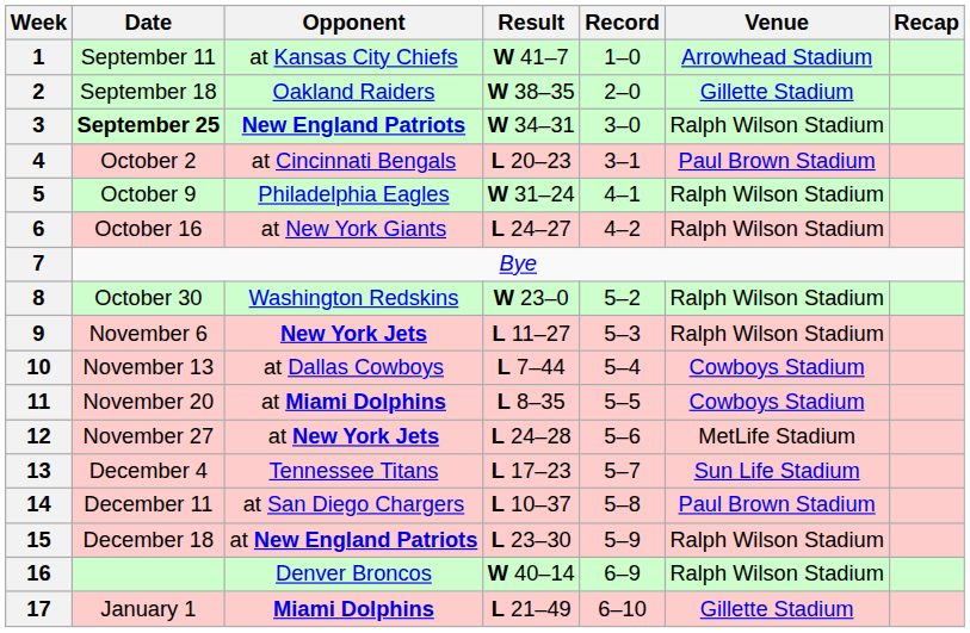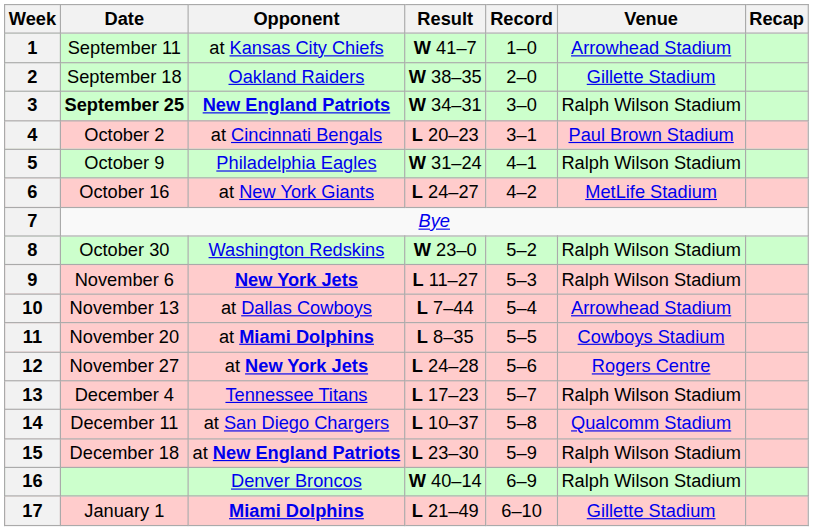 <table class="wikitable" style="text-align:center">
 <tr>
 <th>Week</th>
 <th>Date</th>
 <th>Opponent</th>
 <th>Result</th>
 <th>Record</th>
 <th>Venue</th>
 <th>Recap</th>
 </tr>
 <tr style="background:#cfc">
 <th>1</th>
 <td>September 11</td>
 <td>at <a href='#'>Kansas City Chiefs</a></td>
 <td><strong>W</strong> 41–7</td>
 <td>1–0</td>
 <td><a href='#'>Arrowhead Stadium</a></td>
 <td></td>
 </tr>
 <tr style="background:#cfc">
 <th>2</th>
 <td>September 18</td>
 <td><a href='#'>Oakland Raiders</a></td>
 <td><strong>W</strong> 38–35</td>
 <td>2–0</td>
 <td><a href='#'>Gillette Stadium</a></td>
 <td></td>
 </tr>
 <tr style="background:#cfc">
 <th>3</th>
 <td><strong>September 25</strong></td>
 <td><strong><a href='#'>New England Patriots</a></strong></td>
 <td><strong>W</strong> 34–31</td>
 <td>3–0</td>
 <td>Ralph Wilson Stadium</td>
 <td></td>
 </tr>
 <tr style="background:#fcc">
 <th>4</th>
 <td>October 2</td>
 <td>at <a href='#'>Cincinnati Bengals</a></td>
 <td><strong>L</strong> 20–23</td>
 <td>3–1</td>
 <td><a href='#'>Paul Brown Stadium</a></td>
 <td></td>
 </tr>
 <tr style="background:#cfc">
 <th>5</th>
 <td>October 9</td>
 <td><a href='#'>Philadelphia Eagles</a></td>
 <td><strong>W</strong> 31–24</td>
 <td>4–1</td>
 <td>Ralph Wilson Stadium</td>
 <td></td>
 </tr>
 <tr style="background:#fcc">
 <th>6</th>
 <td>October 16</td>
 <td>at <a href='#'>New York Giants</a></td>
 <td><strong>L</strong> 24–27</td>
 <td>4–2</td>
-<td>Ralph Wilson Stadium</td>
+<td><a href='#'>MetLife Stadium</a></td>
 <td></td>
 </tr>
 <tr>
 <th>7</th>
 <td colspan="6"><em><a href='#'>Bye</a></em></td>
 </tr>
 <tr style="background:#cfc">
 <th>8</th>
 <td>October 30</td>
 <td><a href='#'>Washington Redskins</a></td>
 <td><strong>W</strong> 23–0</td>
 <td>5–2</td>
 <td>Ralph Wilson Stadium</td>
 <td></td>
 </tr>
 <tr style="background:#fcc">
 <th>9</th>
 <td>November 6</td>
 <td><strong><a href='#'>New York Jets</a></strong></td>
 <td><strong>L</strong> 11–27</td>
 <td>5–3</td>
 <td>Ralph Wilson Stadium</td>
 <td></td>
 </tr>
 <tr style="background:#fcc">
 <th>10</th>
 <td>November 13</td>
 <td>at <a href='#'>Dallas Cowboys</a></td>
 <td><strong>L</strong>  7–44</td>
 <td>5–4</td>
-<td><a href='#'>Cowboys Stadium</a></td>
+<td><a href='#'>Arrowhead Stadium</a></td>
 <td></td>
 </tr>
 <tr style="background:#fcc">
 <th>11</th>
 <td>November 20</td>
 <td>at <strong><a href='#'>Miami Dolphins</a></strong></td>
 <td><strong>L</strong> 8–35</td>
 <td>5–5</td>
 <td><a href='#'>Cowboys Stadium</a></td>
 <td></td>
 </tr>
 <tr style="background:#fcc">
 <th>12</th>
 <td>November 27</td>
 <td>at <strong><a href='#'>New York Jets</a></strong></td>
 <td><strong>L</strong> 24–28</td>
 <td>5–6</td>
-<td>MetLife Stadium</td>
+<td> <a href='#'>Rogers Centre</a> </td>
 <td></td>
 </tr>
 <tr style="background:#fcc">
 <th>13</th>
 <td>December 4</td>
 <td><a href='#'>Tennessee Titans</a></td>
 <td><strong>L</strong> 17–23</td>
 <td>5–7</td>
-<td><a href='#'>Sun Life Stadium</a></td>
+<td>Ralph Wilson Stadium</td>
 <td></td>
 </tr>
 <tr style="background:#fcc">
 <th>14</th>
 <td>December 11</td>
 <td>at <a href='#'>San Diego Chargers</a></td>
 <td><strong>L</strong> 10–37</td>
 <td>5–8</td>
-<td><a href='#'>Paul Brown Stadium</a></td>
+<td><a href='#'>Qualcomm Stadium</a></td>
 <td></td>
 </tr>
 <tr style="background:#fcc">
 <th>15</th>
 <td>December 18</td>
 <td>at <strong><a href='#'>New England Patriots</a></strong></td>
 <td><strong>L</strong> 23–30</td>
 <td>5–9</td>
 <td>Ralph Wilson Stadium</td>
 <td></td>
 </tr>
 <tr style="background:#cfc">
 <th>16</th>
 <td></td>
 <td><a href='#'>Denver Broncos</a></td>
 <td><strong>W</strong> 40–14</td>
 <td>6–9</td>
 <td>Ralph Wilson Stadium</td>
 <td></td>
 </tr>
 <tr style="background:#fcc">
 <th>17</th>
 <td>January 1</td>
 <td><strong><a href='#'>Miami Dolphins</a></strong></td>
 <td><strong>L</strong> 21–49</td>
 <td>6–10</td>
 <td><a href='#'>Gillette Stadium</a></td>
 <td></td>
 </tr>
 </table>
